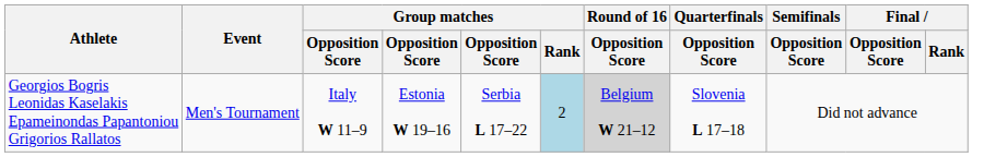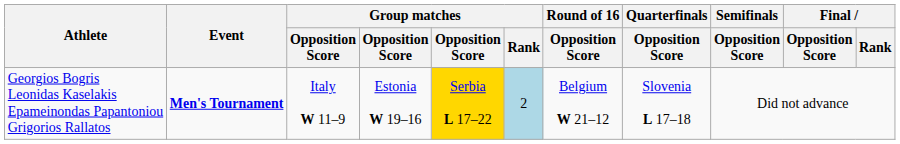 <table class=wikitable style="font-size:90%">
 <tr>
 <th rowspan="2">Athlete</th>
 <th rowspan="2">Event</th>
 <th colspan="4">Group matches</th>
 <th>Round of 16</th>
 <th>Quarterfinals</th>
 <th>Semifinals</th>
 <th colspan=2>Final / </th>
 </tr>
 <tr>
 <th>Opposition<br>Score</th>
 <th>Opposition<br>Score</th>
 <th>Opposition<br>Score</th>
 <th>Rank</th>
 <th>Opposition<br>Score</th>
 <th>Opposition<br>Score</th>
 <th>Opposition<br>Score</th>
 <th>Opposition<br>Score</th>
 <th>Rank</th>
 </tr>
 <tr align=center>
 <td align=left><a href='#'>Georgios Bogris</a><br><a href='#'>Leonidas Kaselakis</a><br><a href='#'>Epameinondas Papantoniou</a><br><a href='#'>Grigorios Rallatos</a></td>
-<td align=left><a href='#'>Men's Tournament</a></td>
+<td align=left><strong><a href='#'>Men's Tournament</a></strong></td>
 <td><a href='#'>Italy</a><br><br><strong>W</strong> 11–9</td>
 <td><a href='#'>Estonia</a><br><br><strong>W</strong> 19–16</td>
-<td><a href='#'>Serbia</a><br><br><strong>L</strong> 17–22</td>
+<td style="background: gold;"><a href='#'>Serbia</a><br><br><strong>L</strong> 17–22</td>
 <td style="background: lightblue;">2</td>
-<td style="background: lightgrey;"><a href='#'>Belgium</a><br><br><strong>W</strong> 21–12</td>
+<td><a href='#'>Belgium</a><br><br><strong>W</strong> 21–12</td>
 <td><a href='#'>Slovenia</a><br><br><strong>L</strong> 17–18</td>
 <td colspan=3>Did not advance</td>
 </tr>
 </table>
